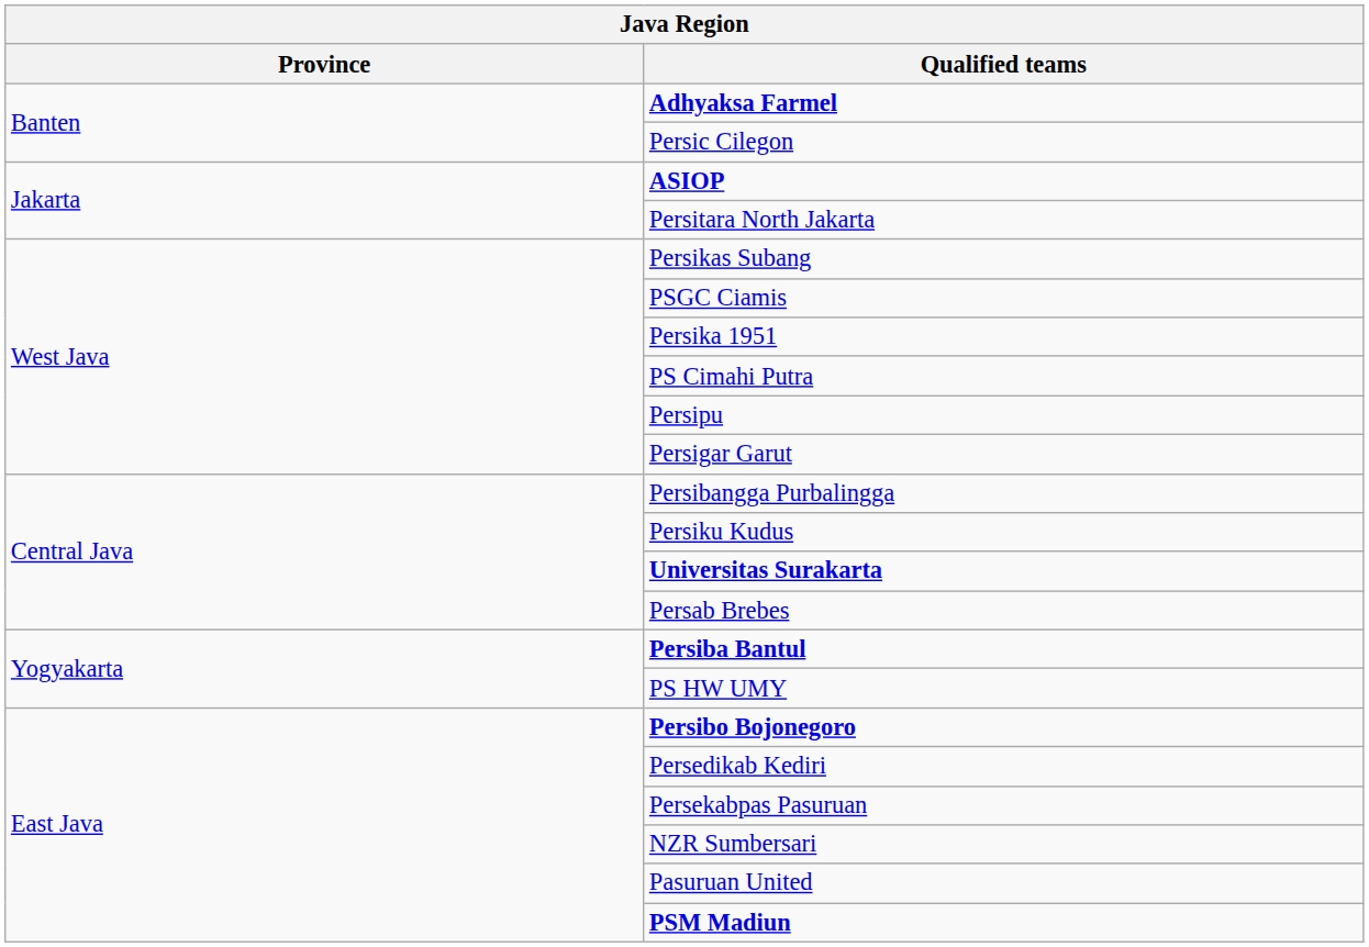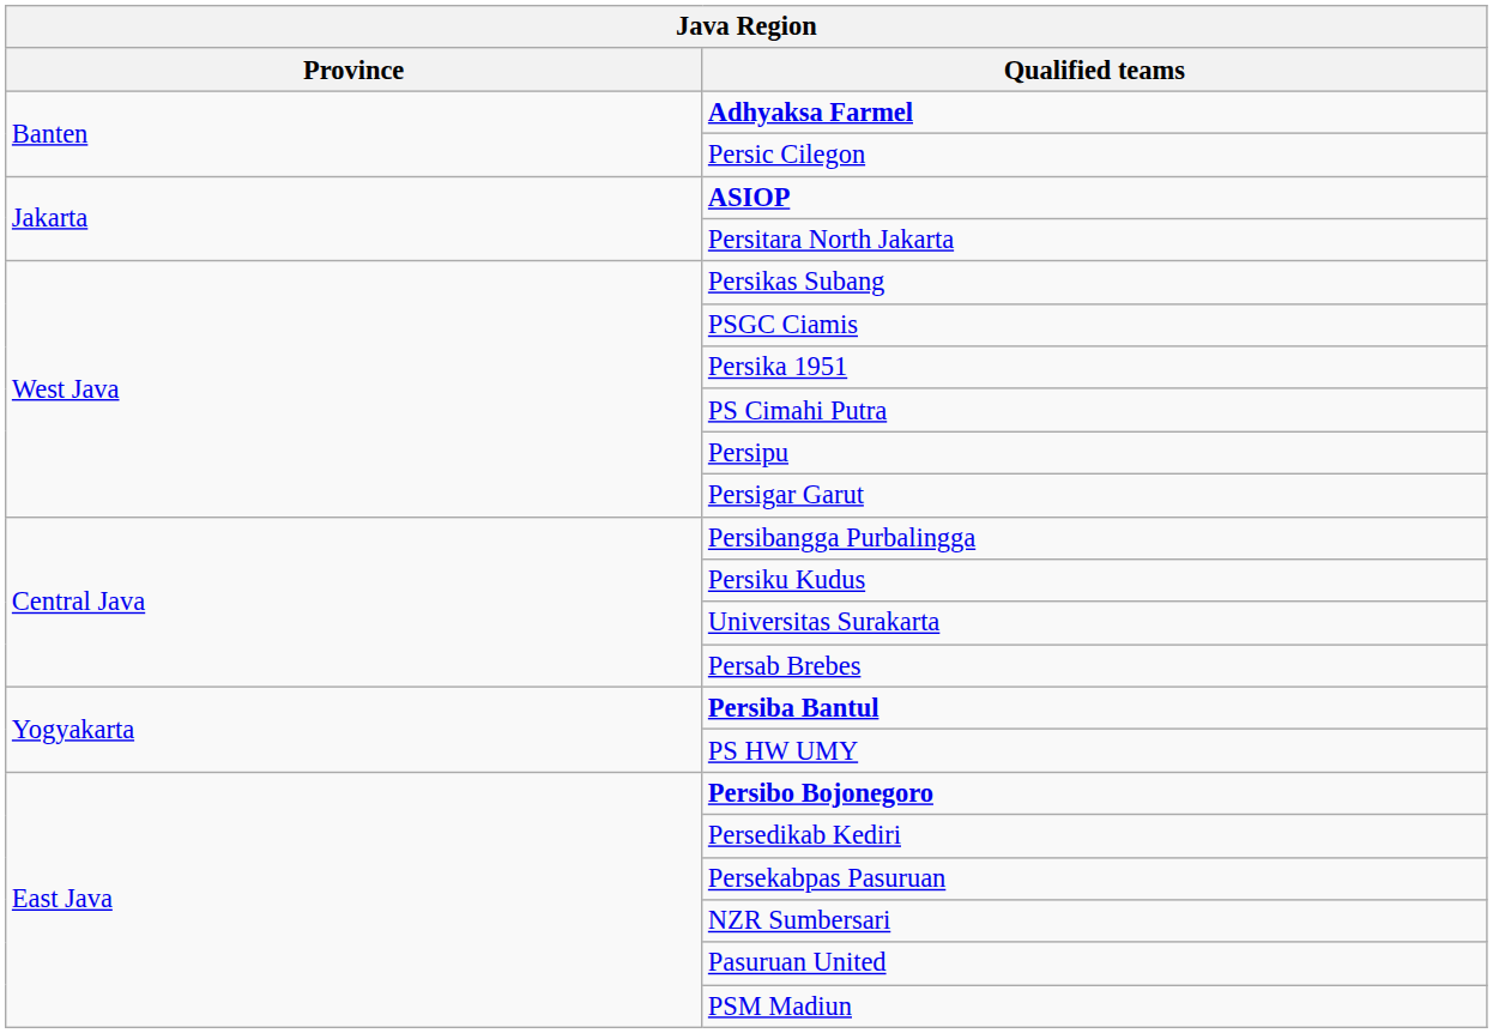 <table class="wikitable sortable" style="width:100%;">
 <tr>
 <th colspan="2"><strong>Java Region</strong></th>
 </tr>
 <tr>
 <th style="width:47%;">Province</th>
 <th style="width:53%;">Qualified teams</th>
 </tr>
 <tr>
 <td rowspan="2"> <a href='#'>Banten</a></td>
 <td><strong><a href='#'>Adhyaksa Farmel</a></strong></td>
 </tr>
 <tr>
 <td><a href='#'>Persic Cilegon</a></td>
 </tr>
 <tr>
 <td rowspan="2"> <a href='#'>Jakarta</a></td>
 <td><strong><a href='#'>ASIOP</a></strong></td>
 </tr>
 <tr>
 <td><a href='#'>Persitara North Jakarta</a></td>
 </tr>
 <tr>
 <td rowspan="6"> <a href='#'>West Java</a></td>
 <td><a href='#'>Persikas Subang</a></td>
 </tr>
 <tr>
 <td><a href='#'>PSGC Ciamis</a></td>
 </tr>
 <tr>
 <td><a href='#'>Persika 1951</a></td>
 </tr>
 <tr>
 <td><a href='#'>PS Cimahi Putra</a></td>
 </tr>
 <tr>
 <td><a href='#'>Persipu</a></td>
 </tr>
 <tr>
 <td><a href='#'>Persigar Garut</a></td>
 </tr>
 <tr>
 <td rowspan="4"> <a href='#'>Central Java</a></td>
 <td><a href='#'>Persibangga Purbalingga</a></td>
 </tr>
 <tr>
 <td><a href='#'>Persiku Kudus</a></td>
 </tr>
 <tr>
-<td><strong><a href='#'>Universitas Surakarta</a></strong></td>
+<td><a href='#'>Universitas Surakarta</a></td>
 </tr>
 <tr>
 <td><a href='#'>Persab Brebes</a></td>
 </tr>
 <tr>
 <td rowspan="2"> <a href='#'>Yogyakarta</a></td>
 <td><strong><a href='#'>Persiba Bantul</a></strong></td>
 </tr>
 <tr>
 <td><a href='#'>PS HW UMY</a></td>
 </tr>
 <tr>
 <td rowspan="6"> <a href='#'>East Java</a></td>
 <td><strong><a href='#'>Persibo Bojonegoro</a></strong></td>
 </tr>
 <tr>
 <td><a href='#'>Persedikab Kediri</a></td>
 </tr>
 <tr>
 <td><a href='#'>Persekabpas Pasuruan</a></td>
 </tr>
 <tr>
 <td><a href='#'>NZR Sumbersari</a></td>
 </tr>
 <tr>
 <td><a href='#'>Pasuruan United</a></td>
 </tr>
 <tr>
-<td><strong><a href='#'>PSM Madiun</a></strong></td>
+<td><a href='#'>PSM Madiun</a></td>
 </tr>
 </table>
